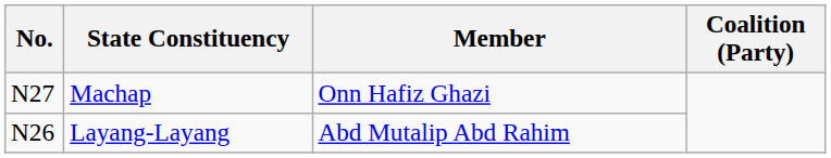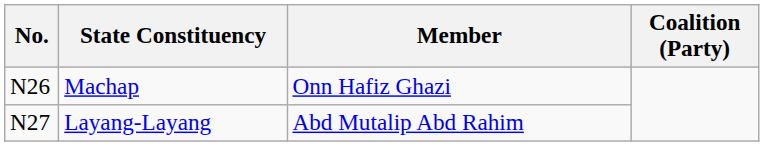 <table class="wikitable sortable">
 <tr>
 <th width="30">No.</th>
 <th width="150">State Constituency</th>
 <th width="230">Member</th>
 <th width="80">Coalition (Party)</th>
 </tr>
 <tr>
-<td>N27</td>
+<td>N26</td>
 <td><a href='#'>Machap</a></td>
 <td><a href='#'>Onn Hafiz Ghazi</a></td>
 <td rowspan="2"></td>
 </tr>
 <tr>
-<td>N26</td>
+<td>N27</td>
 <td><a href='#'>Layang-Layang</a></td>
 <td><a href='#'>Abd Mutalip Abd Rahim</a></td>
 </tr>
 </table>
